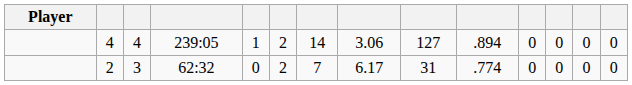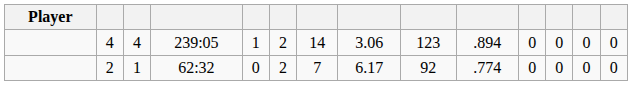 <table class="wikitable sortable" style="width:100%; text-align:center;">
 <tr style="text-align:center; background:#ddd;">
 <th>Player</th>
 <th></th>
 <th></th>
 <th></th>
 <th></th>
 <th></th>
 <th></th>
 <th></th>
 <th></th>
 <th></th>
 <th></th>
 <th></th>
 <th></th>
 <th></th>
 </tr>
 <tr>
 <td></td>
 <td>4</td>
 <td>4</td>
 <td>239:05</td>
 <td>1</td>
 <td>2</td>
 <td>14</td>
 <td>3.06</td>
-<td>127</td>
+<td>123</td>
 <td>.894</td>
 <td>0</td>
 <td>0</td>
 <td>0</td>
 <td>0</td>
 </tr>
 <tr>
 <td></td>
 <td>2</td>
-<td>3</td>
+<td>1</td>
 <td>62:32</td>
 <td>0</td>
 <td>2</td>
 <td>7</td>
 <td>6.17</td>
-<td>31</td>
+<td>92</td>
 <td>.774</td>
 <td>0</td>
 <td>0</td>
 <td>0</td>
 <td>0</td>
 </tr>
 </table>
